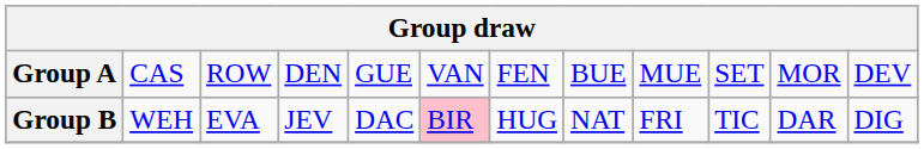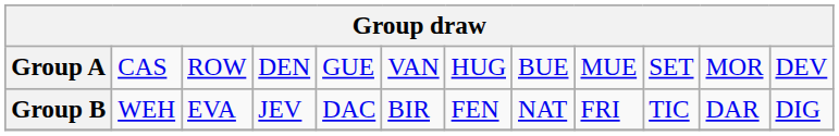 <table class="wikitable" style="text-align:center; font-size:85%">
 <tr>
 <th colspan="12">Group draw</th>
 </tr>
 <tr>
 <th>Group A</th>
 <td align="left"> <a href='#'>CAS</a></td>
 <td align="left"> <a href='#'>ROW</a></td>
 <td align="left"> <a href='#'>DEN</a></td>
 <td align="left"> <a href='#'>GUE</a></td>
 <td align="left"> <a href='#'>VAN</a></td>
-<td align="left"> <a href='#'>FEN</a></td>
+<td align="left"> <a href='#'>HUG</a></td>
 <td align="left"> <a href='#'>BUE</a></td>
 <td align="left"> <a href='#'>MUE</a></td>
 <td align="left"> <a href='#'>SET</a></td>
 <td align="left"> <a href='#'>MOR</a></td>
 <td align="left"> <a href='#'>DEV</a></td>
 </tr>
 <tr>
 <th>Group B</th>
 <td align="left"> <a href='#'>WEH</a></td>
 <td align="left"> <a href='#'>EVA</a></td>
 <td align="left"> <a href='#'>JEV</a></td>
 <td align="left"> <a href='#'>DAC</a></td>
-<td align="left" style="background: pink;"> <a href='#'>BIR</a></td>
-<td align="left"> <a href='#'>HUG</a></td>
+<td align="left"> <a href='#'>BIR</a></td>
+<td align="left"> <a href='#'>FEN</a></td>
 <td align="left"> <a href='#'>NAT</a></td>
 <td align="left"> <a href='#'>FRI</a></td>
 <td align="left"> <a href='#'>TIC</a></td>
 <td align="left"> <a href='#'>DAR</a></td>
 <td align="left"> <a href='#'>DIG</a></td>
 </tr>
 <tr>
 </tr>
 </table>
